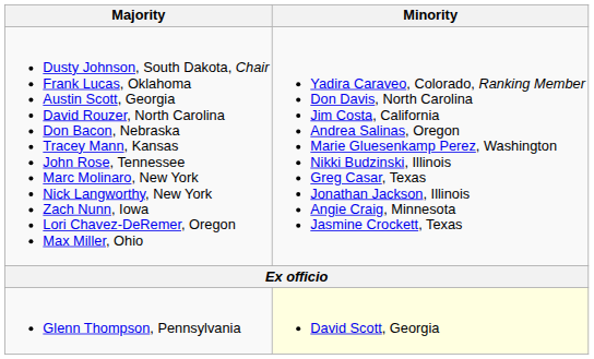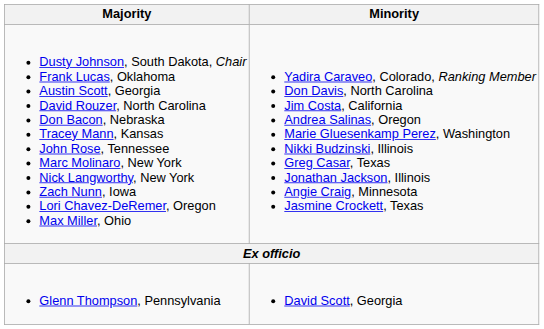 <table class=wikitable>
 <tr>
 <th>Majority</th>
 <th>Minority</th>
 </tr>
 <tr>
 <td><br><ul><li><a href='#'>Dusty Johnson</a>, South Dakota, <em>Chair</em></li><li><a href='#'>Frank Lucas</a>, Oklahoma</li><li><a href='#'>Austin Scott</a>, Georgia</li><li><a href='#'>David Rouzer</a>, North Carolina</li><li><a href='#'>Don Bacon</a>, Nebraska</li><li><a href='#'>Tracey Mann</a>, Kansas</li><li><a href='#'>John Rose</a>, Tennessee</li><li><a href='#'>Marc Molinaro</a>, New York</li><li><a href='#'>Nick Langworthy</a>, New York</li><li><a href='#'>Zach Nunn</a>, Iowa</li><li><a href='#'>Lori Chavez-DeRemer</a>, Oregon</li><li><a href='#'>Max Miller</a>, Ohio</li></ul></td>
 <td><br><ul><li><a href='#'>Yadira Caraveo</a>, Colorado, <em>Ranking Member</em></li><li><a href='#'>Don Davis</a>, North Carolina</li><li><a href='#'>Jim Costa</a>, California</li><li><a href='#'>Andrea Salinas</a>, Oregon</li><li><a href='#'>Marie Gluesenkamp Perez</a>, Washington</li><li><a href='#'>Nikki Budzinski</a>, Illinois</li><li><a href='#'>Greg Casar</a>, Texas</li><li><a href='#'>Jonathan Jackson</a>, Illinois</li><li><a href='#'>Angie Craig</a>, Minnesota</li><li><a href='#'>Jasmine Crockett</a>, Texas</li></ul></td>
 </tr>
 <tr>
 <th colspan=2><em>Ex officio</em></th>
 </tr>
 <tr>
 <td><br><ul><li><a href='#'>Glenn Thompson</a>, Pennsylvania</li></ul></td>
-<td style="background: lightyellow;"><br><ul><li><a href='#'>David Scott</a>, Georgia</li></ul></td>
+<td><br><ul><li><a href='#'>David Scott</a>, Georgia</li></ul></td>
 </tr>
 </table>
